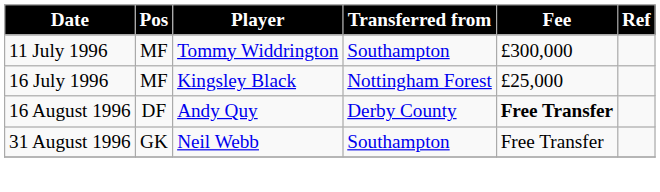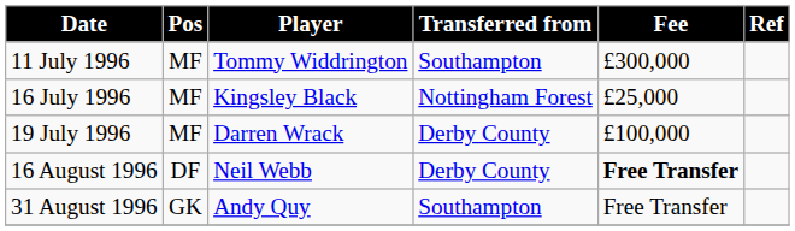 <table class="wikitable plainrowheaders sortable">
 <tr>
 <th style="background:#000000; color:#FFFFFF; ">Date</th>
 <th style="background:#000000; color:#FFFFff; ">Pos</th>
 <th style="background:#000000; color:#FFFFff; ">Player</th>
 <th style="background:#000000; color:#FFFFff; ">Transferred from</th>
 <th style="background:#000000; color:#FFFFff; ">Fee</th>
 <th style="background:#000000; color:#FFFFff; ">Ref</th>
 </tr>
 <tr>
 <td>11 July 1996</td>
 <td align="center">MF</td>
 <td> <a href='#'>Tommy Widdrington</a></td>
 <td> <a href='#'>Southampton</a></td>
 <td>£300,000</td>
 <td></td>
 </tr>
 <tr>
 <td>16 July 1996</td>
 <td align="center">MF</td>
 <td> <a href='#'>Kingsley Black</a></td>
 <td> <a href='#'>Nottingham Forest</a></td>
 <td>£25,000</td>
 <td></td>
 </tr>
 <tr>
+<td>19 July 1996</td>
+<td align="center">MF</td>
+<td> <a href='#'>Darren Wrack</a></td>
+<td> <a href='#'>Derby County</a></td>
+<td>£100,000</td>
+<td></td>
+</tr>
+<tr>
 <td>16 August 1996</td>
 <td align="center">DF</td>
-<td> <a href='#'>Andy Quy</a></td>
+<td> <a href='#'>Neil Webb</a></td>
 <td> <a href='#'>Derby County</a></td>
 <td><strong>Free Transfer</strong></td>
 <td></td>
 </tr>
 <tr>
 <td>31 August 1996</td>
 <td align="center">GK</td>
-<td> <a href='#'>Neil Webb</a></td>
+<td> <a href='#'>Andy Quy</a></td>
 <td> <a href='#'>Southampton</a></td>
 <td>Free Transfer</td>
 <td></td>
 </tr>
 <tr>
 </tr>
 </table>
